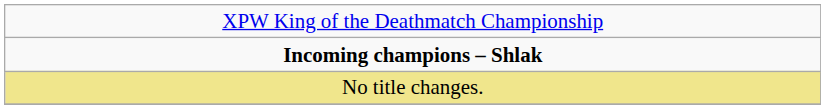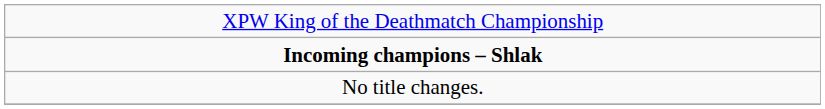 <table class="wikitable" style="text-align:center; width:100%;">
 <tr>
 <td colspan="5" style="text-align: center;"><a href='#'>XPW King of the Deathmatch Championship</a></td>
 </tr>
 <tr>
 <td colspan="5" style="text-align: center;"><strong>Incoming champions – Shlak</strong></td>
 </tr>
 <tr>
-<td style="background: khaki;">No title changes.</td>
+<td>No title changes.</td>
 </tr>
 <tr>
 </tr>
 </table>
